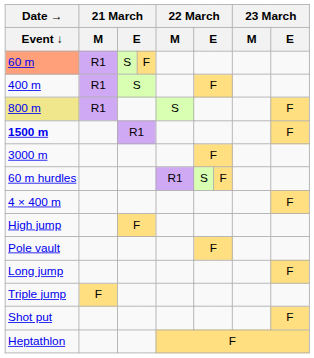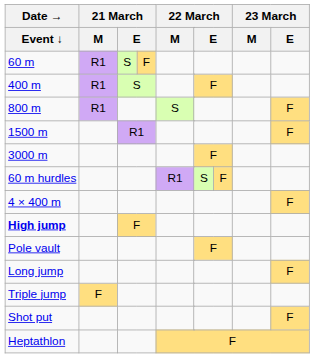 <table class="wikitable mw-datatable" style="margin:0.5em auto; font-size:90%; line-height:1.5em;">
 <tr align=center>
 <th>Date →</th>
 <th width=80px colspan=4>21 March</th>
 <th width=80px colspan=4>22 March</th>
 <th width=80px colspan=4>23 March</th>
 </tr>
 <tr>
 <th>Event ↓</th>
 <th width=40px colspan=2>M</th>
 <th width=40px colspan=2>E</th>
 <th width=40px colspan=2>M</th>
 <th width=40px colspan=2>E</th>
 <th width=40px colspan=2>M</th>
 <th width=40px colspan=2>E</th>
 </tr>
 <tr align=center>
-<td align=left style="background: lightsalmon;"><a href='#'>60 m</a></td>
+<td align=left><a href='#'>60 m</a></td>
 <td bgcolor="#D0A9F5" colspan=2>R1</td>
 <td bgcolor="#D9FFB2">S</td>
 <td bgcolor="#FFDF80">F</td>
 <td colspan=2></td>
 <td colspan=2></td>
 <td colspan=2></td>
 <td colspan=2></td>
 </tr>
 <tr align=center>
 <td align=left><a href='#'>400 m</a></td>
 <td bgcolor="#D0A9F5" colspan=2>R1</td>
 <td bgcolor="#D9FFB2" colspan=2>S</td>
 <td colspan=2></td>
 <td bgcolor="#FFDF80" colspan=2>F</td>
 <td colspan=2></td>
 <td colspan=2></td>
 </tr>
 <tr align=center>
-<td align=left style="background: khaki;"><a href='#'>800 m</a></td>
+<td align=left><a href='#'>800 m</a></td>
 <td bgcolor="#D0A9F5" colspan=2>R1</td>
 <td colspan=2></td>
 <td bgcolor="#D9FFB2" colspan=2>S</td>
 <td colspan=2></td>
 <td colspan=2></td>
 <td bgcolor="#FFDF80" colspan=2>F</td>
 </tr>
 <tr align=center>
-<td align=left><strong><a href='#'>1500 m</a></strong></td>
+<td align=left><a href='#'>1500 m</a></td>
 <td colspan=2></td>
 <td bgcolor="#D0A9F5" colspan=2>R1</td>
 <td colspan=2></td>
 <td colspan=2></td>
 <td colspan=2></td>
 <td bgcolor="#FFDF80" colspan=2>F</td>
 </tr>
 <tr align=center>
 <td align=left><a href='#'>3000 m</a></td>
 <td colspan=2></td>
 <td colspan=2></td>
 <td colspan=2></td>
 <td bgcolor="#FFDF80" colspan=2>F</td>
 <td colspan=2></td>
 <td colspan=2></td>
 </tr>
 <tr align=center>
 <td align=left><a href='#'>60 m hurdles</a></td>
 <td colspan=2></td>
 <td colspan=2></td>
 <td bgcolor="#D0A9F5" colspan=2>R1</td>
 <td bgcolor="#D9FFB2">S</td>
 <td bgcolor="#FFDF80">F</td>
 <td colspan=2></td>
 <td colspan=2></td>
 </tr>
 <tr align=center>
 <td align=left><a href='#'>4 × 400 m</a></td>
 <td colspan=2></td>
 <td colspan=2></td>
 <td colspan=2></td>
 <td colspan=2></td>
 <td colspan=2></td>
 <td bgcolor="#FFDF80" colspan=2>F</td>
 </tr>
 <tr align=center>
-<td align=left><a href='#'>High jump</a></td>
+<td align=left><strong><a href='#'>High jump</a></strong></td>
 <td colspan=2></td>
 <td bgcolor="#FFDF80" colspan=2>F</td>
 <td colspan=2></td>
 <td colspan=2></td>
 <td colspan=2></td>
 <td colspan=2></td>
 </tr>
 <tr align=center>
 <td align=left><a href='#'>Pole vault</a></td>
 <td colspan=2></td>
 <td colspan=2></td>
 <td colspan=2></td>
 <td bgcolor="#FFDF80" colspan=2>F</td>
 <td colspan=2></td>
 <td colspan=2></td>
 </tr>
 <tr align=center>
 <td align=left><a href='#'>Long jump</a></td>
 <td colspan=2></td>
 <td colspan=2></td>
 <td colspan=2></td>
 <td colspan=2></td>
 <td colspan=2></td>
 <td bgcolor="#FFDF80" colspan=2>F</td>
 </tr>
 <tr align=center>
 <td align=left><a href='#'>Triple jump</a></td>
 <td bgcolor="#FFDF80" colspan=2>F</td>
 <td colspan=2></td>
 <td colspan=2></td>
 <td colspan=2></td>
 <td colspan=2></td>
 <td colspan=2></td>
 </tr>
 <tr align=center>
 <td align=left><a href='#'>Shot put</a></td>
 <td colspan=2></td>
 <td colspan=2></td>
 <td colspan=2></td>
 <td colspan=2></td>
 <td colspan=2></td>
 <td bgcolor="#FFDF80" colspan=2>F</td>
 </tr>
 <tr align=center>
 <td align=left><a href='#'>Heptathlon</a></td>
 <td colspan=2></td>
 <td colspan=2></td>
 <td bgcolor="#FFDF80" colspan=8>F</td>
 </tr>
 </table>
